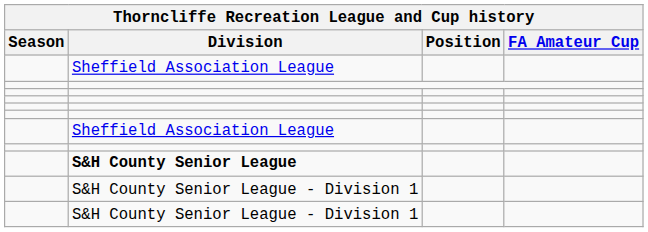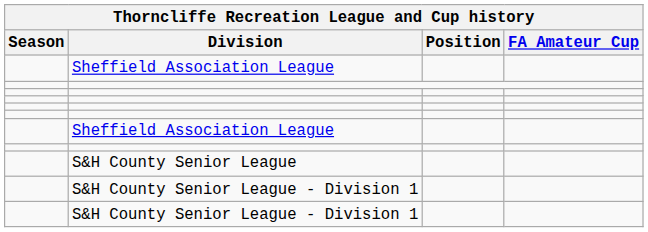 <table class="wikitable collapsible " style=font-size:100%>
 <tr>
 <th colspan="5"><strong>Thorncliffe Recreation League and Cup history</strong></th>
 </tr>
 <tr>
 <th>Season</th>
 <th>Division</th>
 <th>Position</th>
 <th><a href='#'>FA Amateur Cup</a></th>
 </tr>
 <tr>
 <td></td>
 <td><a href='#'>Sheffield Association League</a></td>
 <td></td>
 <td></td>
 </tr>
 <tr>
 <td></td>
 </tr>
 <tr>
 <td></td>
 <td></td>
 <td></td>
 <td></td>
 </tr>
 <tr>
 <td></td>
 <td></td>
 <td></td>
 <td></td>
 </tr>
 <tr>
 <td></td>
 <td></td>
 <td></td>
 <td></td>
 </tr>
 <tr>
 <td></td>
 <td></td>
 <td></td>
 <td></td>
 </tr>
 <tr>
 <td></td>
 <td><a href='#'>Sheffield Association League</a></td>
 <td></td>
 <td></td>
 </tr>
 <tr>
 <td></td>
 <td></td>
 <td></td>
 <td></td>
 </tr>
 <tr>
 <td></td>
-<td><strong>S&H County Senior League</strong></td>
+<td>S&H County Senior League</td>
 <td></td>
 <td></td>
 </tr>
 <tr>
 <td></td>
 <td>S&H County Senior League - Division 1</td>
 <td></td>
 <td></td>
 </tr>
 <tr>
 <td></td>
 <td>S&H County Senior League - Division 1</td>
 <td></td>
 <td></td>
 </tr>
 </table>
